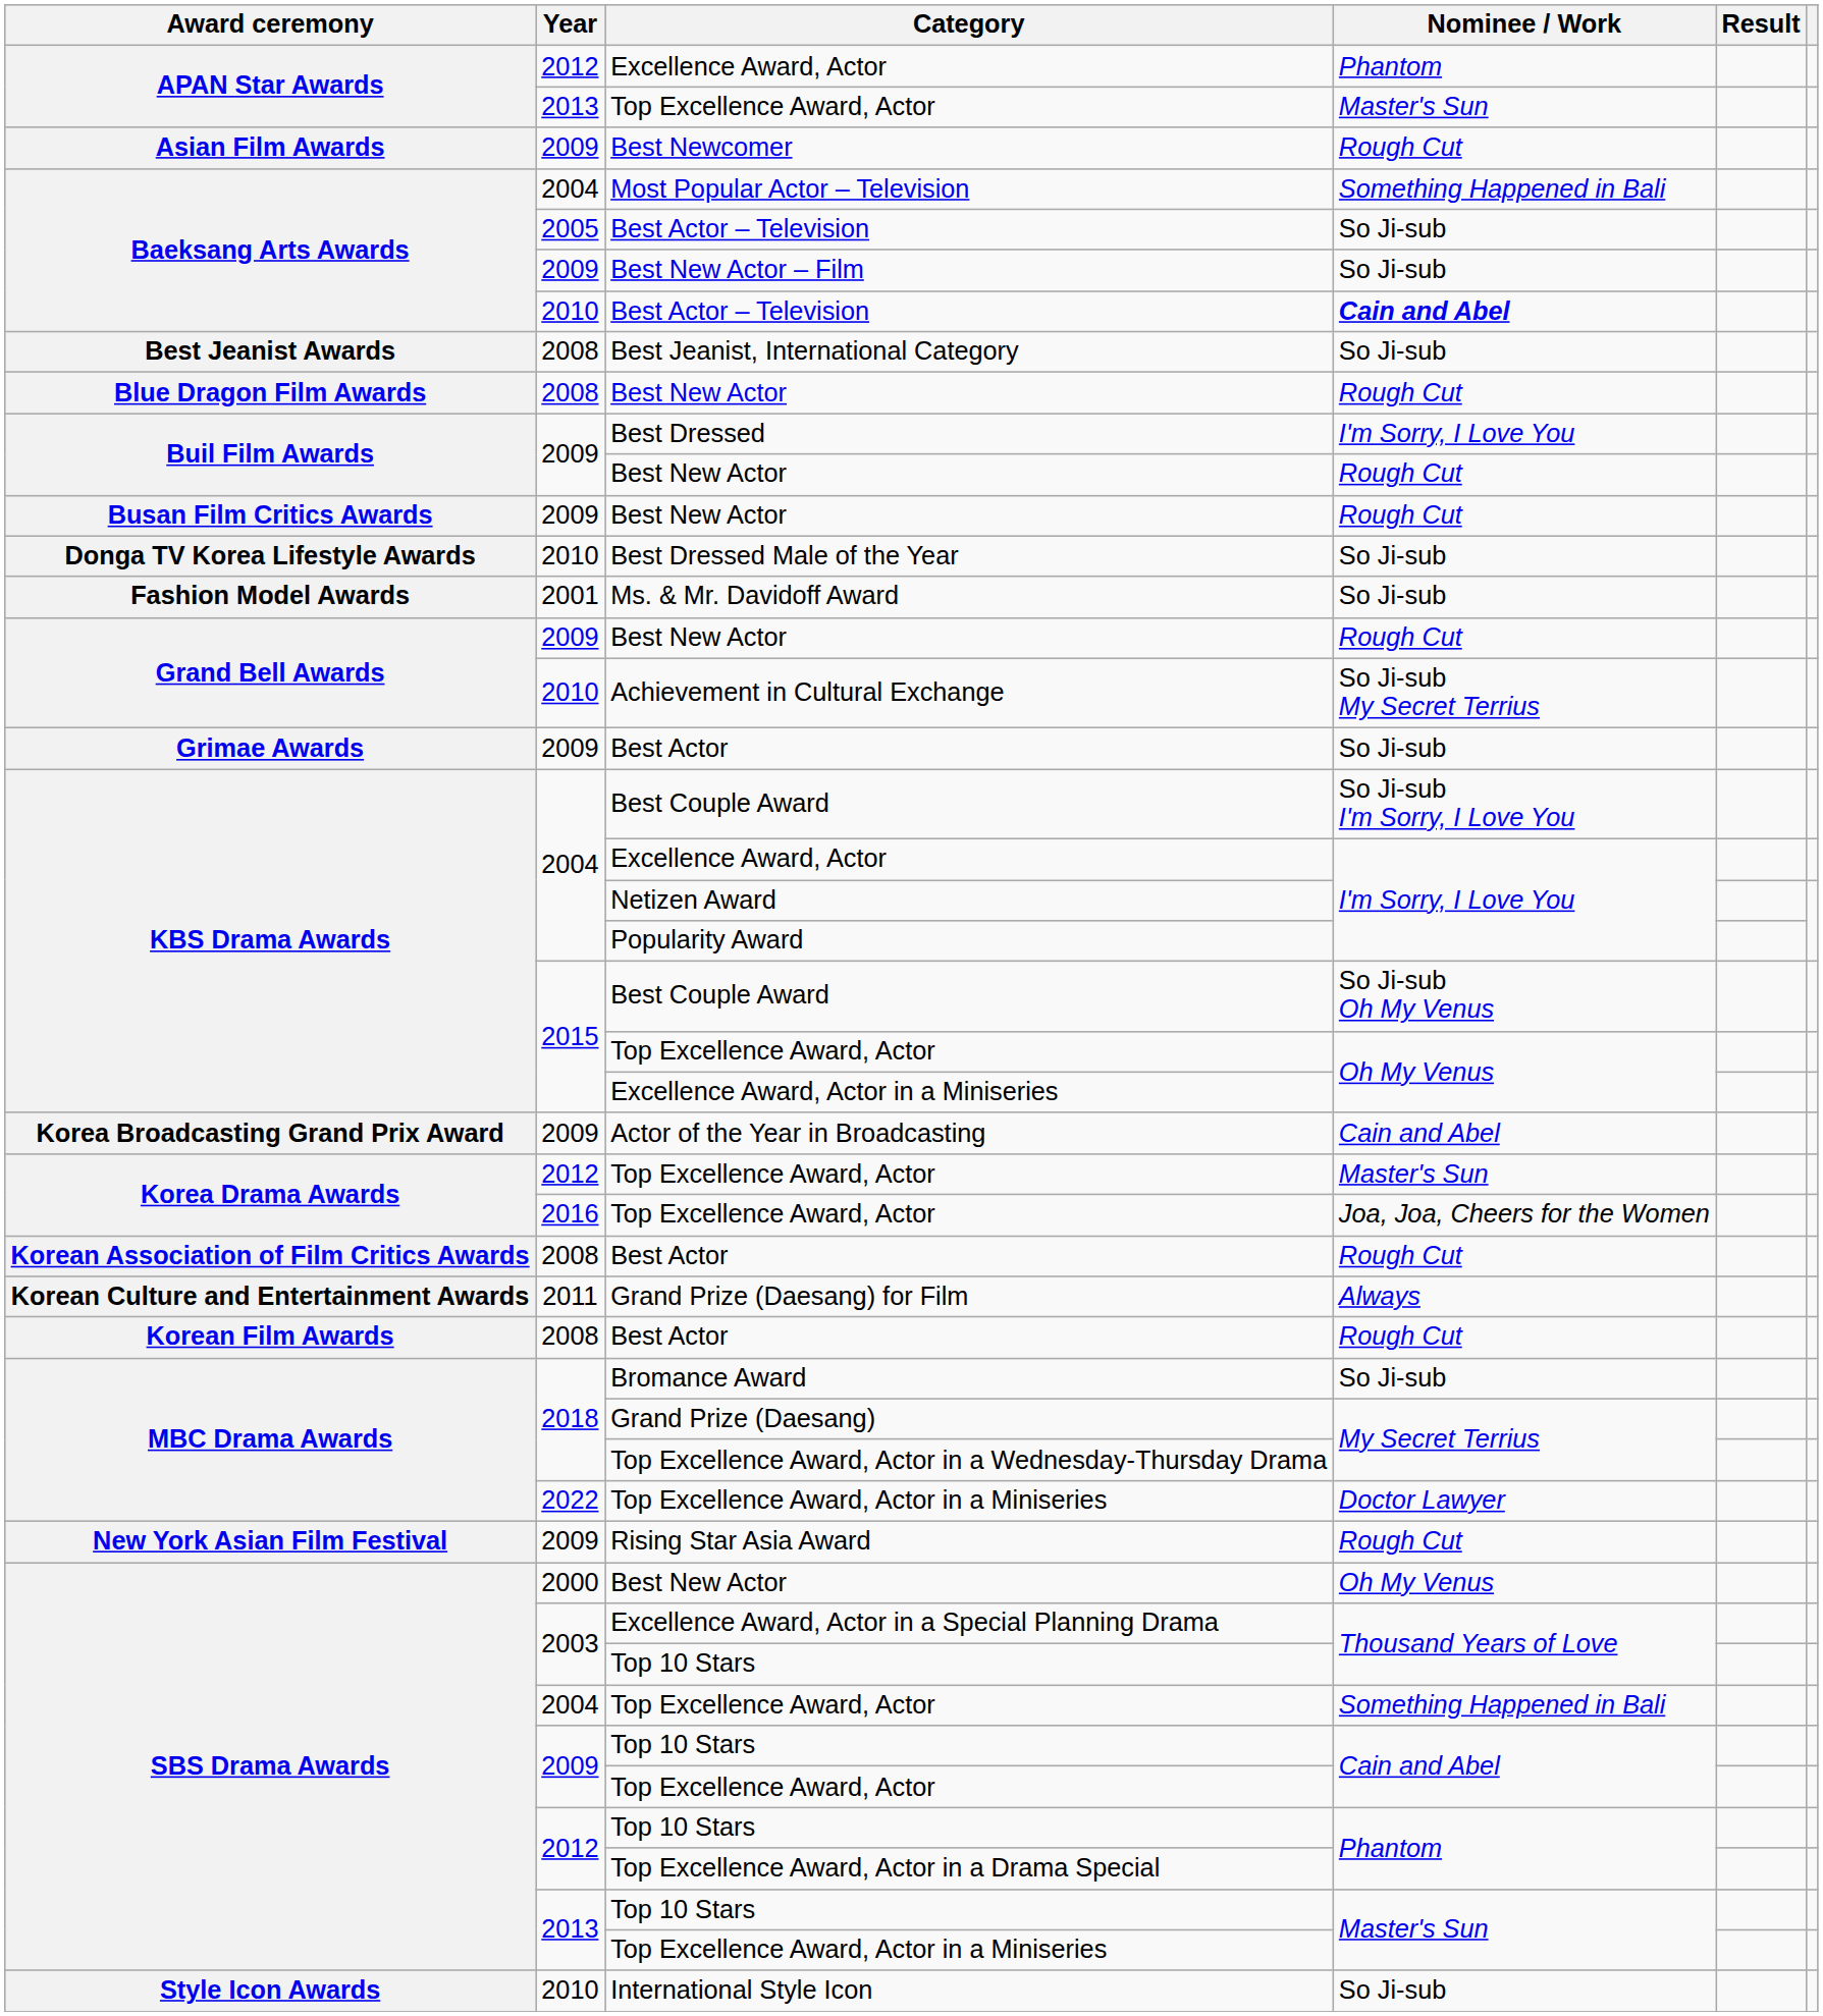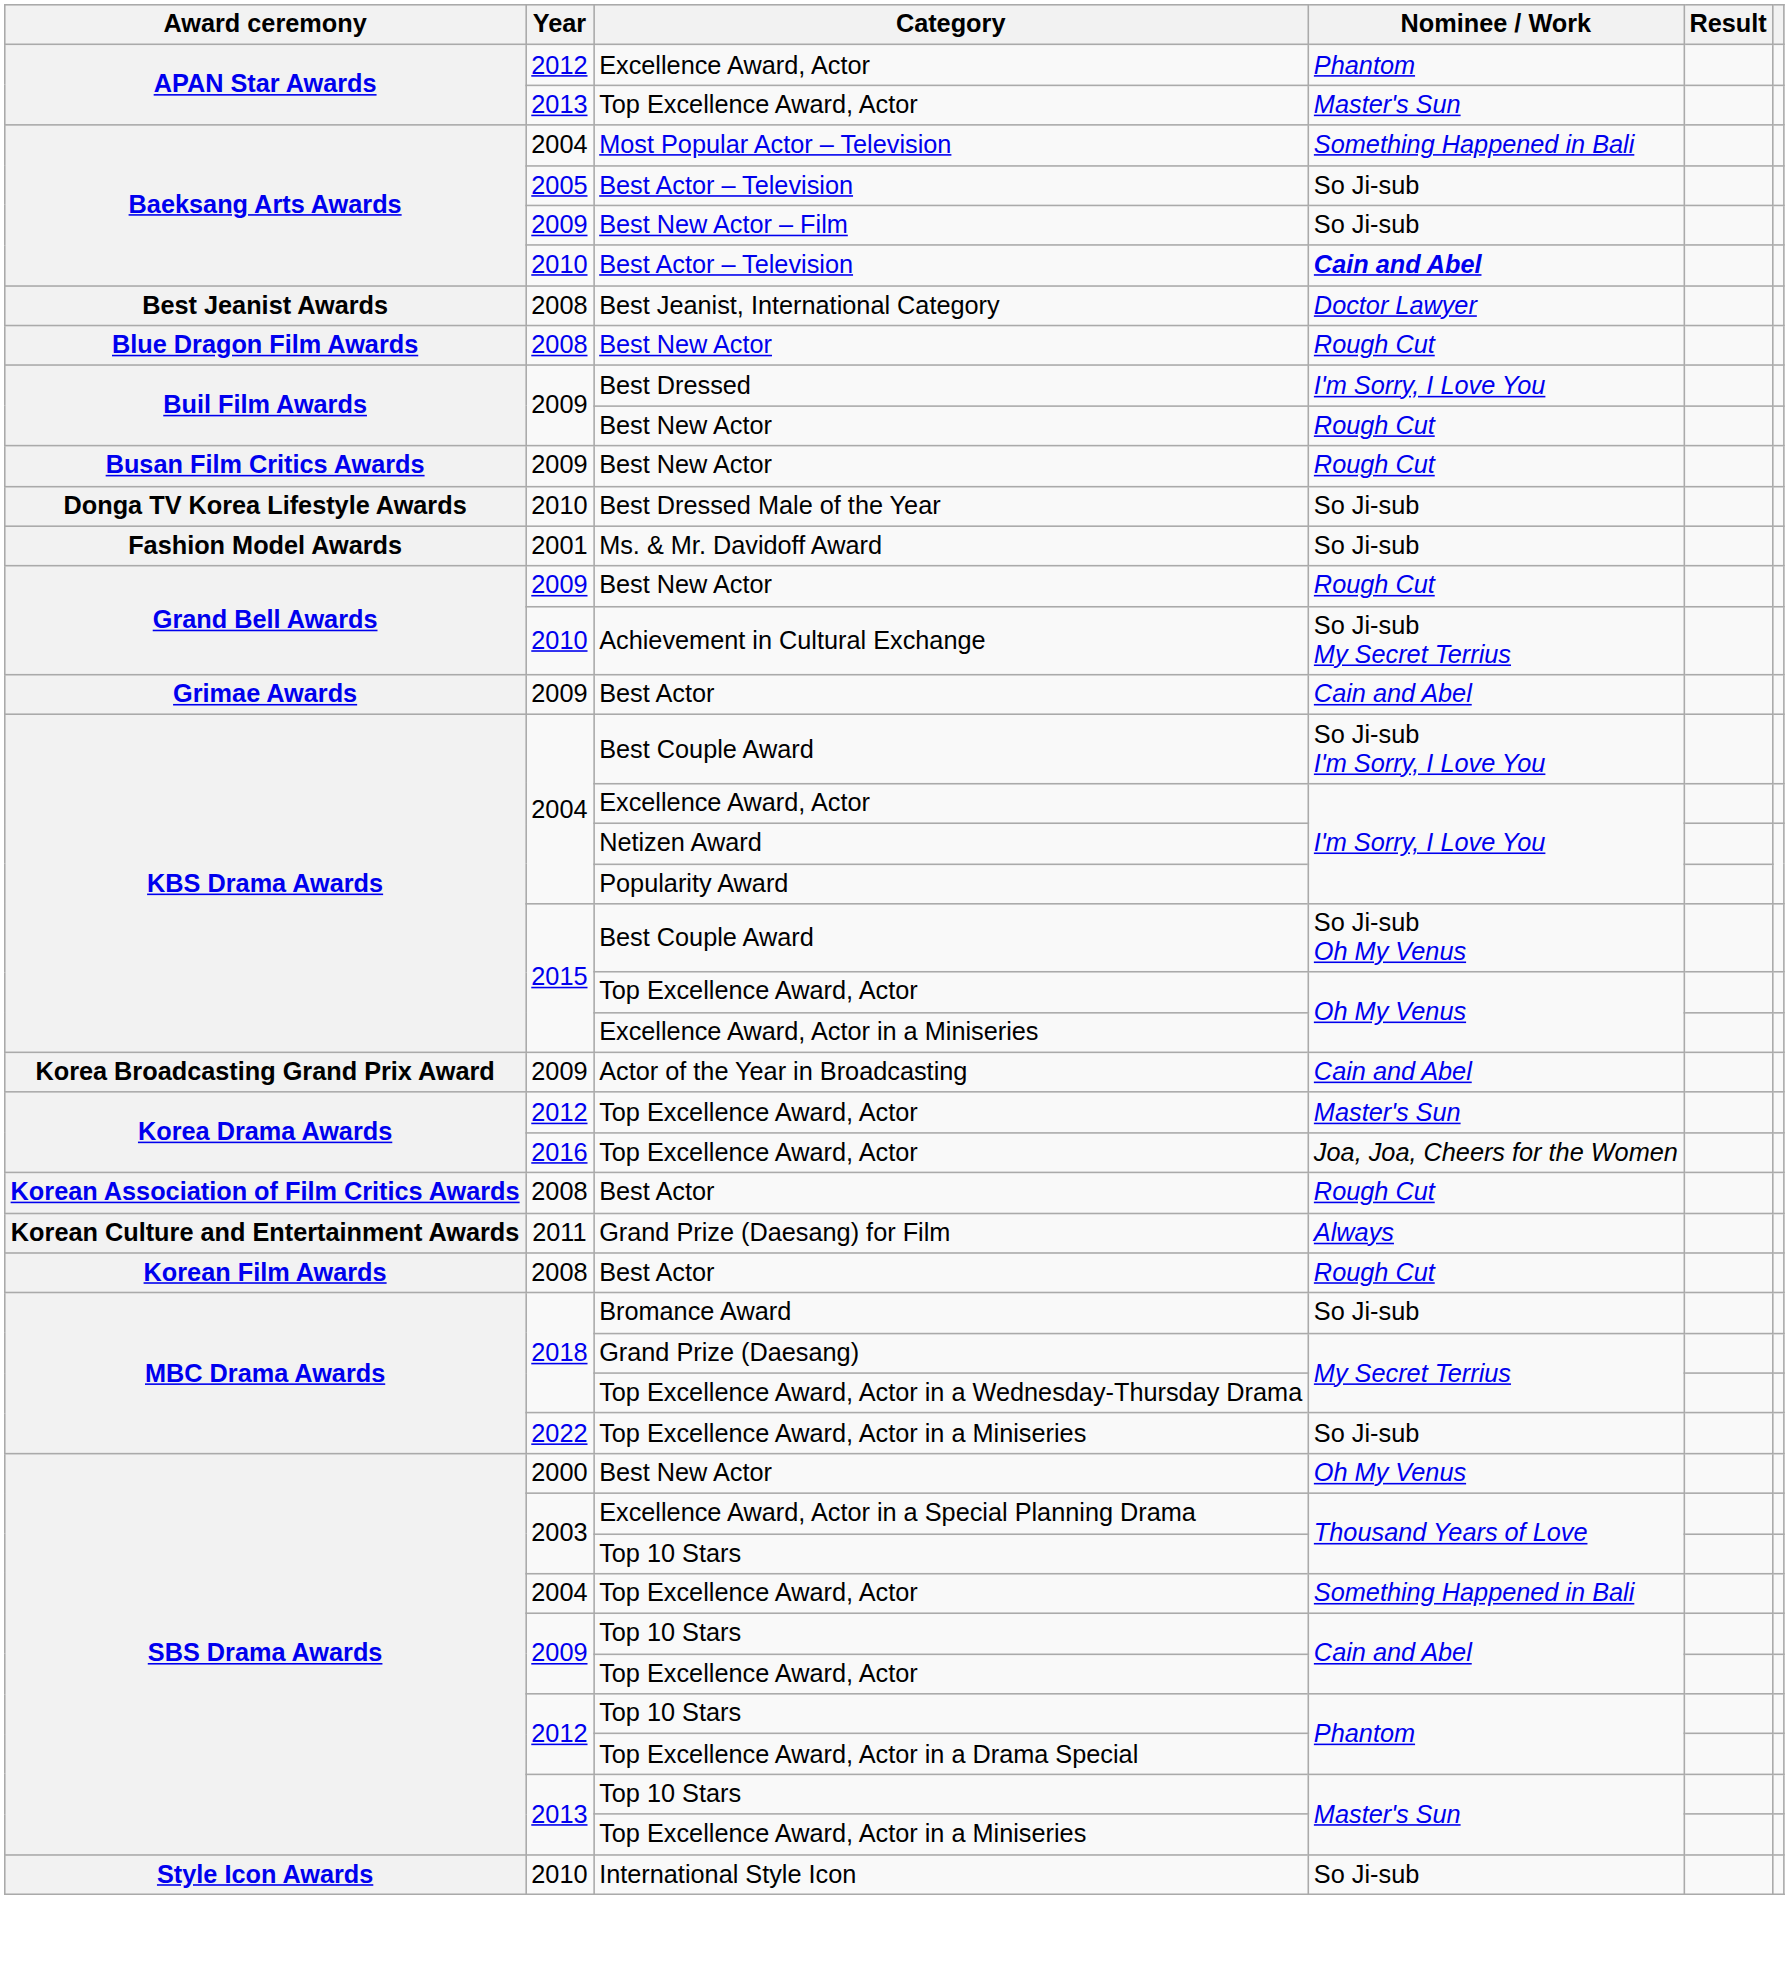 <table class="wikitable plainrowheaders sortable">
 <tr>
 <th scope="col">Award ceremony</th>
 <th scope="col">Year</th>
 <th scope="col">Category</th>
 <th scope="col">Nominee / Work</th>
 <th scope="col">Result</th>
 <th scope="col" class="unsortable"></th>
 </tr>
 <tr>
 <th scope="row" rowspan="2"><a href='#'>APAN Star Awards</a></th>
 <td style="text-align:center"><a href='#'>2012</a></td>
 <td>Excellence Award, Actor</td>
 <td><em><a href='#'>Phantom</a></em></td>
 <td></td>
 <td></td>
 </tr>
 <tr>
 <td style="text-align:center"><a href='#'>2013</a></td>
 <td>Top Excellence Award, Actor</td>
 <td><em><a href='#'>Master's Sun</a></em></td>
-<td></td>
-<td></td>
-</tr>
-<tr>
-<th scope="row"><a href='#'>Asian Film Awards</a></th>
-<td style="text-align:center"><a href='#'>2009</a></td>
-<td><a href='#'>Best Newcomer</a></td>
-<td><em><a href='#'>Rough Cut</a></em></td>
 <td></td>
 <td></td>
 </tr>
 <tr>
 <th scope="row" rowspan="4"><a href='#'>Baeksang Arts Awards</a></th>
 <td style="text-align:center">2004</td>
 <td><a href='#'>Most Popular Actor – Television</a></td>
 <td><em><a href='#'>Something Happened in Bali</a></em></td>
 <td></td>
 <td style="text-align:center"></td>
 </tr>
 <tr>
 <td style="text-align:center"><a href='#'>2005</a></td>
 <td><a href='#'>Best Actor – Television</a></td>
 <td>So Ji-sub</td>
 <td></td>
 <td style="text-align:center"></td>
 </tr>
 <tr>
 <td style="text-align:center"><a href='#'>2009</a></td>
 <td><a href='#'>Best New Actor – Film</a></td>
 <td>So Ji-sub</td>
 <td></td>
 <td style="text-align:center"></td>
 </tr>
 <tr>
 <td style="text-align:center"><a href='#'>2010</a></td>
 <td><a href='#'>Best Actor – Television</a></td>
 <td><strong><em><a href='#'>Cain and Abel</a></em></strong></td>
 <td></td>
 <td></td>
 </tr>
 <tr>
 <th scope="row">Best Jeanist Awards</th>
 <td style="text-align:center">2008</td>
 <td>Best Jeanist, International Category</td>
-<td>So Ji-sub</td>
+<td><em><a href='#'>Doctor Lawyer</a></em></td>
 <td></td>
 <td style="text-align:center"></td>
 </tr>
 <tr>
 <th scope="row"><a href='#'>Blue Dragon Film Awards</a></th>
 <td style="text-align:center"><a href='#'>2008</a></td>
 <td><a href='#'>Best New Actor</a></td>
 <td><em><a href='#'>Rough Cut</a></em></td>
 <td></td>
 <td style="text-align:center"></td>
 </tr>
 <tr>
 <th scope="row" rowspan="2"><a href='#'>Buil Film Awards</a></th>
 <td style="text-align:center" rowspan="2">2009</td>
 <td>Best Dressed</td>
 <td><em><a href='#'>I'm Sorry, I Love You</a></em></td>
 <td></td>
 <td style="text-align:center"></td>
 </tr>
 <tr>
 <td>Best New Actor</td>
 <td><em><a href='#'>Rough Cut</a></em></td>
 <td></td>
 <td style="text-align:center"></td>
 </tr>
 <tr>
 <th scope="row"><a href='#'>Busan Film Critics Awards</a></th>
 <td style="text-align:center">2009</td>
 <td>Best New Actor</td>
 <td><em><a href='#'>Rough Cut</a></em></td>
 <td></td>
 <td style="text-align:center"></td>
 </tr>
 <tr>
 <th scope="row">Donga TV Korea Lifestyle Awards</th>
 <td style="text-align:center">2010</td>
 <td>Best Dressed Male of the Year</td>
 <td>So Ji-sub</td>
 <td></td>
 <td style="text-align:center"></td>
 </tr>
 <tr>
 <th scope="row">Fashion Model Awards</th>
 <td style="text-align:center">2001</td>
 <td>Ms. & Mr. Davidoff Award</td>
 <td>So Ji-sub</td>
 <td></td>
 <td style="text-align:center"></td>
 </tr>
 <tr>
 <th scope="row" rowspan="2"><a href='#'>Grand Bell Awards</a></th>
 <td style="text-align:center"><a href='#'>2009</a></td>
 <td>Best New Actor</td>
 <td><em><a href='#'>Rough Cut</a></em></td>
 <td></td>
 <td></td>
 </tr>
 <tr>
 <td style="text-align:center"><a href='#'>2010</a></td>
 <td>Achievement in Cultural Exchange</td>
 <td>So Ji-sub <br><em><a href='#'>My Secret Terrius</a></em></td>
 <td></td>
 <td style="text-align:center"></td>
 </tr>
 <tr>
 <th scope="row"><a href='#'>Grimae Awards</a></th>
 <td style="text-align:center">2009</td>
 <td>Best Actor</td>
-<td>So Ji-sub</td>
+<td><em><a href='#'>Cain and Abel</a></em></td>
 <td></td>
 <td style="text-align:center"></td>
 </tr>
 <tr>
 <th scope="row" rowspan="7"><a href='#'>KBS Drama Awards</a></th>
 <td style="text-align:center" rowspan="4">2004</td>
 <td>Best Couple Award</td>
 <td>So Ji-sub <br><em><a href='#'>I'm Sorry, I Love You</a></em></td>
 <td></td>
 <td style="text-align:center"></td>
 </tr>
 <tr>
 <td>Excellence Award, Actor</td>
 <td rowspan="3"><em><a href='#'>I'm Sorry, I Love You</a></em></td>
 <td></td>
 <td></td>
 </tr>
 <tr>
 <td>Netizen Award</td>
 <td></td>
 <td style="text-align:center" rowspan="2"></td>
 </tr>
 <tr>
 <td>Popularity Award</td>
 <td></td>
 </tr>
 <tr>
 <td style="text-align:center" rowspan="3"><a href='#'>2015</a></td>
 <td>Best Couple Award</td>
 <td>So Ji-sub <br><em><a href='#'>Oh My Venus</a></em></td>
 <td></td>
 <td style="text-align:center"></td>
 </tr>
 <tr>
 <td>Top Excellence Award, Actor</td>
 <td rowspan="2"><em><a href='#'>Oh My Venus</a></em></td>
 <td></td>
 <td style="text-align:center"></td>
 </tr>
 <tr>
 <td>Excellence Award, Actor in a Miniseries</td>
 <td></td>
 <td></td>
 </tr>
 <tr>
 <th scope="row">Korea Broadcasting Grand Prix Award</th>
 <td style="text-align:center">2009</td>
 <td>Actor of the Year in Broadcasting</td>
 <td><em><a href='#'>Cain and Abel</a></em></td>
 <td></td>
 <td style="text-align:center"></td>
 </tr>
 <tr>
 <th scope="row" rowspan="2"><a href='#'>Korea Drama Awards</a></th>
 <td style="text-align:center"><a href='#'>2012</a></td>
 <td>Top Excellence Award, Actor</td>
 <td><em><a href='#'>Master's Sun</a></em></td>
 <td></td>
 <td></td>
 </tr>
 <tr>
 <td style="text-align:center"><a href='#'>2016</a></td>
 <td>Top Excellence Award, Actor</td>
 <td><em>Joa, Joa,</em> <em>Cheers for the Women</em></td>
 <td></td>
 <td></td>
 </tr>
 <tr>
 <th scope="row"><a href='#'>Korean Association of Film Critics Awards</a></th>
 <td style="text-align:center">2008</td>
 <td>Best Actor</td>
 <td><em><a href='#'>Rough Cut</a></em></td>
 <td></td>
 <td style="text-align:center"></td>
 </tr>
 <tr>
 <th scope="row">Korean Culture and Entertainment Awards</th>
 <td style="text-align:center">2011</td>
 <td>Grand Prize (Daesang) for Film</td>
 <td><em><a href='#'>Always</a></em></td>
 <td></td>
 <td style="text-align:center"></td>
 </tr>
 <tr>
 <th scope="row"><a href='#'>Korean Film Awards</a></th>
 <td style="text-align:center">2008</td>
 <td>Best Actor</td>
 <td><em><a href='#'>Rough Cut</a></em></td>
 <td></td>
 <td></td>
 </tr>
 <tr>
 <th scope="row" rowspan="4"><a href='#'>MBC Drama Awards</a></th>
 <td style="text-align:center" rowspan="3"><a href='#'>2018</a></td>
 <td>Bromance Award</td>
 <td>So Ji-sub</td>
 <td></td>
 <td style="text-align:center"></td>
 </tr>
 <tr>
 <td>Grand Prize (Daesang)</td>
 <td rowspan="2"><em><a href='#'>My Secret Terrius</a></em></td>
 <td></td>
 <td style="text-align:center"></td>
 </tr>
 <tr>
 <td>Top Excellence Award, Actor in a Wednesday-Thursday Drama</td>
 <td></td>
 <td style="text-align:center"></td>
 </tr>
 <tr>
 <td style="text-align:center"><a href='#'>2022</a></td>
 <td>Top Excellence Award, Actor in a Miniseries</td>
-<td><em><a href='#'>Doctor Lawyer</a></em></td>
-<td></td>
-<td style="text-align:center"></td>
-</tr>
-<tr>
-<th scope="row"><a href='#'>New York Asian Film Festival</a></th>
-<td style="text-align:center">2009</td>
-<td>Rising Star Asia Award</td>
-<td><em><a href='#'>Rough Cut</a></em></td>
+<td>So Ji-sub</td>
 <td></td>
 <td style="text-align:center"></td>
 </tr>
 <tr>
 <th scope="row" rowspan="10"><a href='#'>SBS Drama Awards</a></th>
 <td style="text-align:center">2000</td>
 <td>Best New Actor</td>
 <td><em><a href='#'>Oh My Venus</a></em></td>
 <td></td>
 <td style="text-align:center"></td>
 </tr>
 <tr>
 <td style="text-align:center" rowspan="2">2003</td>
 <td>Excellence Award, Actor in a Special Planning Drama</td>
 <td rowspan="2"><em><a href='#'>Thousand Years of Love</a></em></td>
 <td></td>
 <td></td>
 </tr>
 <tr>
 <td>Top 10 Stars</td>
 <td></td>
 <td style="text-align:center"></td>
 </tr>
 <tr>
 <td style="text-align:center">2004</td>
 <td>Top Excellence Award, Actor</td>
 <td><em><a href='#'>Something Happened in Bali</a></em></td>
 <td></td>
 <td></td>
 </tr>
 <tr>
 <td style="text-align:center" rowspan="2"><a href='#'>2009</a></td>
 <td>Top 10 Stars</td>
 <td rowspan="2"><em><a href='#'>Cain and Abel</a></em></td>
 <td></td>
 <td style="text-align:center"></td>
 </tr>
 <tr>
 <td>Top Excellence Award, Actor</td>
 <td></td>
 <td style="text-align:center"></td>
 </tr>
 <tr>
 <td style="text-align:center" rowspan="2"><a href='#'>2012</a></td>
 <td>Top 10 Stars</td>
 <td rowspan="2"><em><a href='#'>Phantom</a></em></td>
 <td></td>
 <td style="text-align:center"></td>
 </tr>
 <tr>
 <td>Top Excellence Award, Actor in a Drama Special</td>
 <td></td>
 <td></td>
 </tr>
 <tr>
 <td style="text-align:center" rowspan="2"><a href='#'>2013</a></td>
 <td>Top 10 Stars</td>
 <td rowspan="2"><em><a href='#'>Master's Sun</a></em></td>
 <td></td>
 <td style="text-align:center"></td>
 </tr>
 <tr>
 <td>Top Excellence Award, Actor in a Miniseries</td>
 <td></td>
 <td></td>
 </tr>
 <tr>
 <th scope="row"><a href='#'>Style Icon Awards</a></th>
 <td style="text-align:center">2010</td>
 <td>International Style Icon</td>
 <td>So Ji-sub</td>
 <td></td>
 <td style="text-align:center"></td>
 </tr>
 <tr>
 </tr>
 </table>
